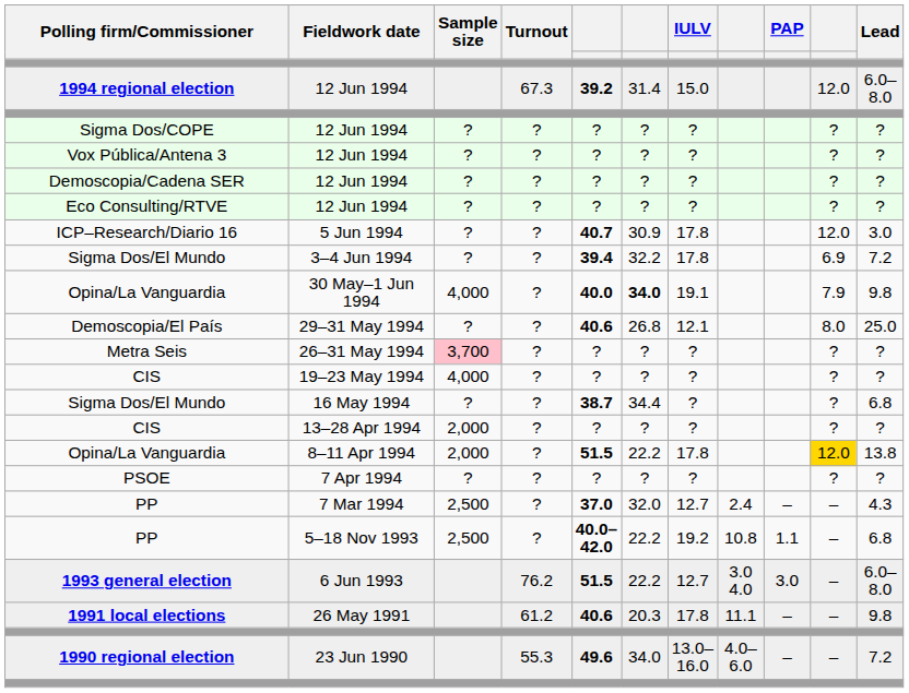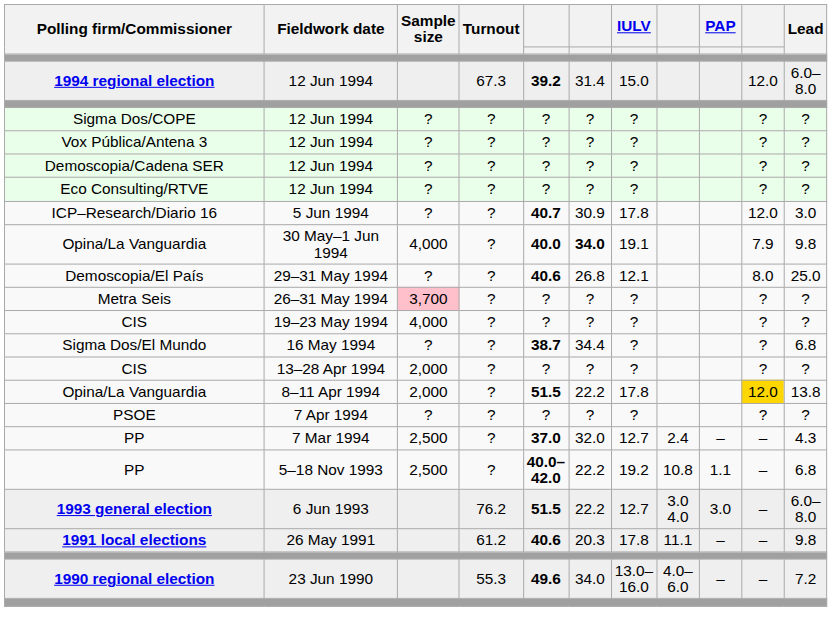 <table class="wikitable collapsible collapsed" style="text-align:center; font-size:95%; line-height:16px;">
 <tr style="height:42px;">
 <th style="width:250px;" rowspan="2">Polling firm/Commissioner</th>
 <th style="width:125px;" rowspan="2">Fieldwork date</th>
 <th style="width:50px;" rowspan="2">Sample size</th>
 <th style="width:45px;" rowspan="2">Turnout</th>
 <th style="width:35px;"></th>
 <th style="width:35px;"></th>
 <th style="width:35px;"><a href='#'>IULV</a></th>
 <th style="width:35px;"></th>
 <th style="width:35px;"><a href='#'>PAP</a></th>
 <th style="width:35px;"></th>
 <th style="width:20px;" rowspan="2">Lead</th>
 </tr>
 <tr>
 <th style="color:inherit;background:"></th>
 <th style="color:inherit;background:"></th>
 <th style="color:inherit;background:"></th>
 <th style="color:inherit;background:"></th>
 <th style="color:inherit;background:"></th>
 <th style="color:inherit;background:"></th>
 </tr>
 <tr>
 <td colspan="11" style="background:#A0A0A0"></td>
 </tr>
 <tr style="background:#EFEFEF;">
 <td><strong><a href='#'>1994 regional election</a></strong></td>
 <td>12 Jun 1994</td>
 <td></td>
 <td>67.3</td>
 <td><strong>39.2</strong><br></td>
 <td>31.4<br></td>
 <td>15.0<br></td>
 <td></td>
 <td></td>
 <td>12.0<br></td>
 <td style="background:">6.0–<br>8.0</td>
 </tr>
 <tr>
 <td colspan="11" style="background:#A0A0A0"></td>
 </tr>
 <tr style="background:#EAFFEA;">
 <td>Sigma Dos/COPE</td>
 <td>12 Jun 1994</td>
 <td>?</td>
 <td>?</td>
 <td>?<br></td>
 <td>?<br></td>
 <td>?<br></td>
 <td></td>
 <td></td>
 <td>?<br></td>
 <td style="background:">?</td>
 </tr>
 <tr style="background:#EAFFEA;">
 <td>Vox Pública/Antena 3</td>
 <td>12 Jun 1994</td>
 <td>?</td>
 <td>?</td>
 <td>?<br></td>
 <td>?<br></td>
 <td>?<br></td>
 <td></td>
 <td></td>
 <td>?<br></td>
 <td style="background:">?</td>
 </tr>
 <tr style="background:#EAFFEA;">
 <td>Demoscopia/Cadena SER</td>
 <td>12 Jun 1994</td>
 <td>?</td>
 <td>?</td>
 <td>?<br></td>
 <td>?<br></td>
 <td>?<br></td>
 <td></td>
 <td></td>
 <td>?<br></td>
 <td style="background:">?</td>
 </tr>
 <tr style="background:#EAFFEA;">
 <td>Eco Consulting/RTVE</td>
 <td>12 Jun 1994</td>
 <td>?</td>
 <td>?</td>
 <td>?<br></td>
 <td>?<br></td>
 <td>?<br></td>
 <td></td>
 <td></td>
 <td>?<br></td>
 <td style="background:">?</td>
 </tr>
 <tr>
 <td>ICP–Research/Diario 16</td>
 <td>5 Jun 1994</td>
 <td>?</td>
 <td>?</td>
 <td><strong>40.7</strong><br></td>
 <td>30.9<br></td>
 <td>17.8<br></td>
 <td></td>
 <td></td>
 <td>12.0<br></td>
 <td style="background:">3.0</td>
-</tr>
-<tr>
-<td>Sigma Dos/El Mundo</td>
-<td>3–4 Jun 1994</td>
-<td>?</td>
-<td>?</td>
-<td><strong>39.4</strong><br></td>
-<td>32.2<br></td>
-<td>17.8<br></td>
-<td></td>
-<td></td>
-<td>6.9<br></td>
-<td style="background:">7.2</td>
 </tr>
 <tr>
 <td>Opina/La Vanguardia</td>
 <td>30 May–1 Jun 1994</td>
 <td>4,000</td>
 <td>?</td>
 <td><strong>40.0</strong><br></td>
 <td><strong>34.0<br></strong></td>
 <td>19.1<br></td>
 <td></td>
 <td></td>
 <td>7.9<br></td>
 <td style="background:">9.8</td>
 </tr>
 <tr>
 <td>Demoscopia/El País</td>
 <td>29–31 May 1994</td>
 <td>?</td>
 <td>?</td>
 <td><strong>40.6</strong><br></td>
 <td>26.8<br></td>
 <td>12.1<br></td>
 <td></td>
 <td></td>
 <td>8.0<br></td>
 <td style="background:">25.0</td>
 </tr>
 <tr>
 <td>Metra Seis</td>
 <td>26–31 May 1994</td>
 <td style="background: pink;">3,700</td>
 <td>?</td>
 <td>?<br></td>
 <td>?<br></td>
 <td>?<br></td>
 <td></td>
 <td></td>
 <td>?<br></td>
 <td style="background:">?</td>
 </tr>
 <tr>
 <td>CIS</td>
 <td>19–23 May 1994</td>
 <td>4,000</td>
 <td>?</td>
 <td>?<br></td>
 <td>?<br></td>
 <td>?<br></td>
 <td></td>
 <td></td>
 <td>?<br></td>
 <td style="background:">?</td>
 </tr>
 <tr>
 <td>Sigma Dos/El Mundo</td>
 <td>16 May 1994</td>
 <td>?</td>
 <td>?</td>
 <td><strong>38.7</strong><br></td>
 <td>34.4<br></td>
 <td>?<br></td>
 <td></td>
 <td></td>
 <td>?<br></td>
 <td style="background:">6.8</td>
 </tr>
 <tr>
 <td>CIS</td>
 <td>13–28 Apr 1994</td>
 <td>2,000</td>
 <td>?</td>
 <td>?<br></td>
 <td>?<br></td>
 <td>?<br></td>
 <td></td>
 <td></td>
 <td>?<br></td>
 <td style="background:">?</td>
 </tr>
 <tr>
 <td>Opina/La Vanguardia</td>
 <td>8–11 Apr 1994</td>
 <td>2,000</td>
 <td>?</td>
 <td><strong>51.5</strong><br></td>
 <td>22.2<br></td>
 <td>17.8<br></td>
 <td></td>
 <td></td>
 <td style="background: gold;">12.0<br></td>
 <td style="background:">13.8</td>
 </tr>
 <tr>
 <td>PSOE</td>
 <td>7 Apr 1994</td>
 <td>?</td>
 <td>?</td>
 <td>?<br></td>
 <td>?<br></td>
 <td>?<br></td>
 <td></td>
 <td></td>
 <td>?<br></td>
 <td style="background:">?</td>
 </tr>
 <tr>
 <td>PP</td>
 <td>7 Mar 1994</td>
 <td>2,500</td>
 <td>?</td>
 <td><strong>37.0</strong><br></td>
 <td>32.0<br></td>
 <td>12.7<br></td>
 <td>2.4<br></td>
 <td>–</td>
 <td>–</td>
 <td style="background:">4.3</td>
 </tr>
 <tr>
 <td>PP</td>
 <td>5–18 Nov 1993</td>
 <td>2,500</td>
 <td>?</td>
 <td><strong>40.0–<br>42.0</strong><br></td>
 <td>22.2<br></td>
 <td>19.2<br></td>
 <td>10.8<br></td>
 <td>1.1<br></td>
 <td>–</td>
 <td style="background:">6.8</td>
 </tr>
 <tr style="background:#EFEFEF;">
 <td><strong><a href='#'>1993 general election</a></strong></td>
 <td>6 Jun 1993</td>
 <td></td>
 <td>76.2</td>
 <td><strong>51.5</strong><br></td>
 <td>22.2<br></td>
 <td>12.7<br></td>
 <td>3.0<br>4.0<br></td>
 <td>3.0<br></td>
 <td>–</td>
 <td style="background:">6.0–<br>8.0</td>
 </tr>
 <tr style="background:#EFEFEF;">
 <td><strong><a href='#'>1991 local elections</a></strong></td>
 <td>26 May 1991</td>
 <td></td>
 <td>61.2</td>
 <td><strong>40.6</strong><br></td>
 <td>20.3</td>
 <td>17.8<br></td>
 <td>11.1</td>
 <td>–</td>
 <td>–</td>
 <td style="background:">9.8</td>
 </tr>
 <tr>
 <td colspan="11" style="background:#A0A0A0"></td>
 </tr>
 <tr style="background:#EFEFEF;">
 <td><strong><a href='#'>1990 regional election</a></strong></td>
 <td>23 Jun 1990</td>
 <td></td>
 <td>55.3</td>
 <td><strong>49.6</strong><br></td>
 <td>34.0<br></td>
 <td>13.0–<br>16.0<br></td>
 <td>4.0–<br>6.0<br></td>
 <td>–</td>
 <td>–</td>
 <td style="background:">7.2</td>
 </tr>
 <tr>
 <td colspan="11" style="background:#A0A0A0"></td>
 </tr>
 </table>
